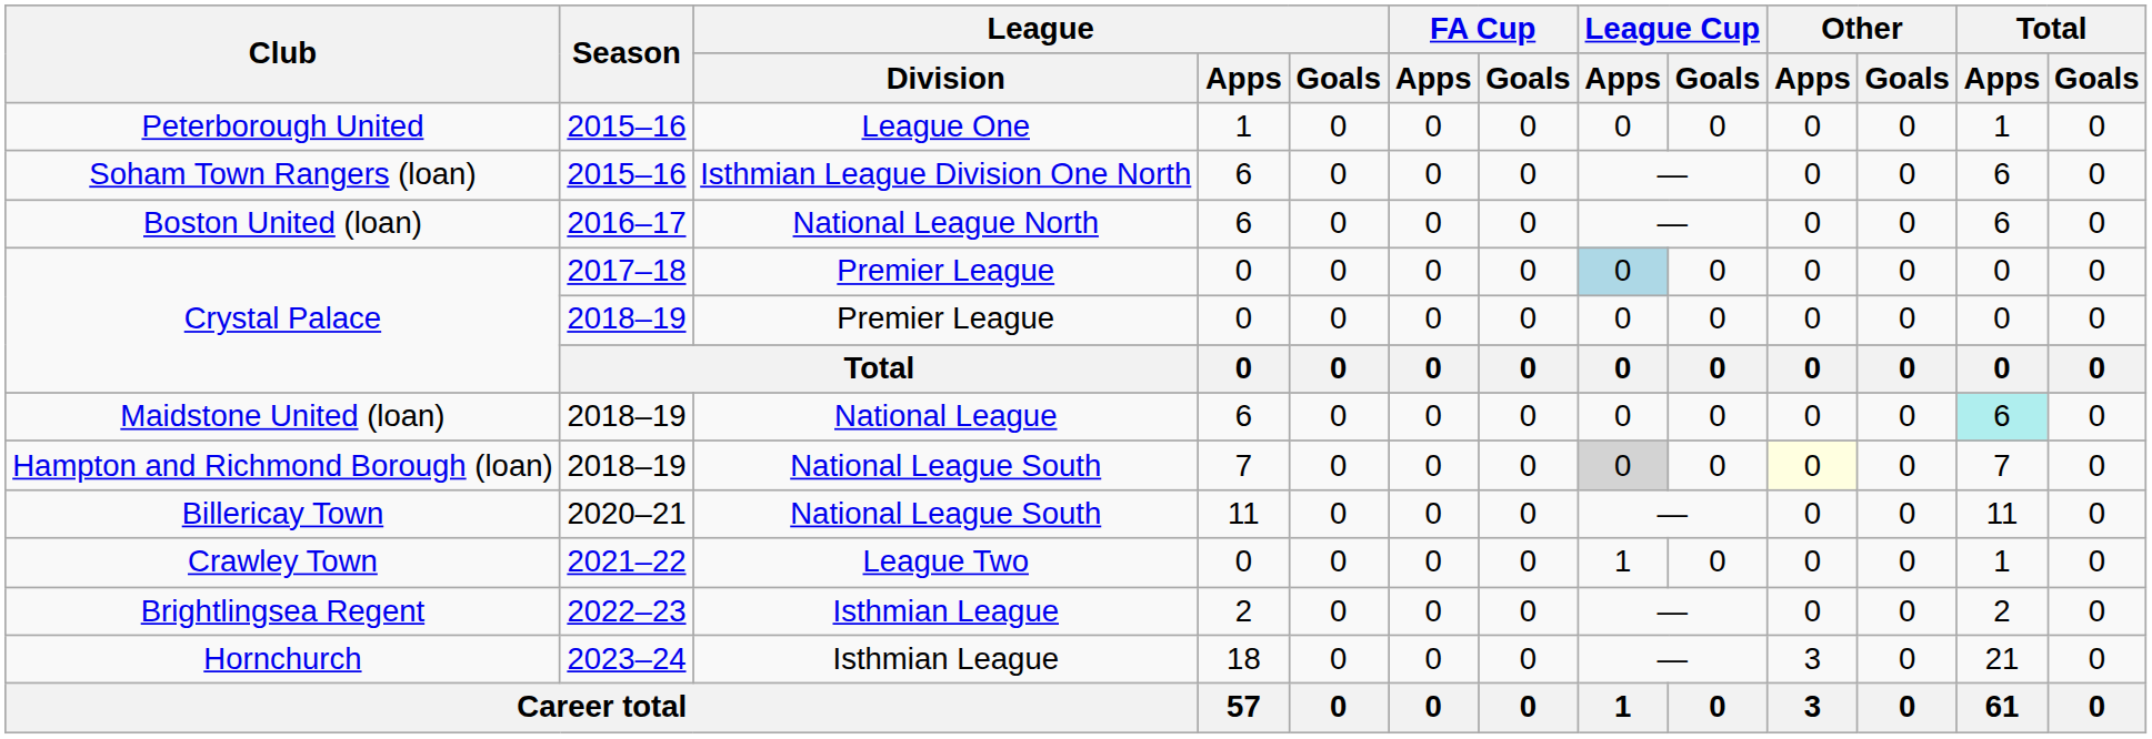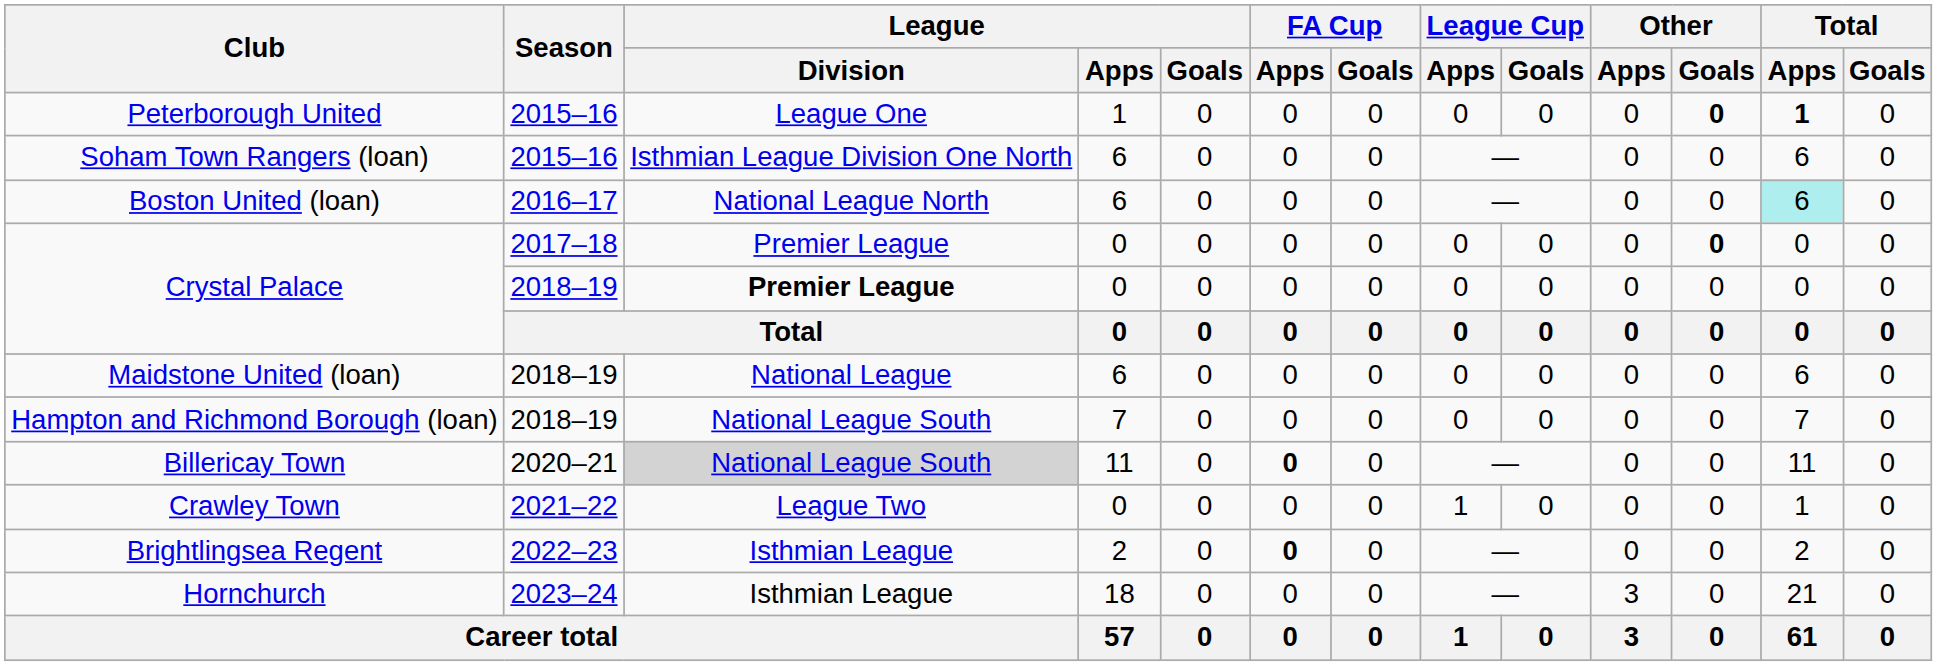 <table class="wikitable" style="text-align:center">
 <tr>
 <th rowspan="2">Club</th>
 <th rowspan="2">Season</th>
 <th colspan="3">League</th>
 <th colspan="2"><a href='#'>FA Cup</a></th>
 <th colspan="2"><a href='#'>League Cup</a></th>
 <th colspan="2">Other</th>
 <th colspan="2">Total</th>
 </tr>
 <tr>
 <th>Division</th>
 <th>Apps</th>
 <th>Goals</th>
 <th>Apps</th>
 <th>Goals</th>
 <th>Apps</th>
 <th>Goals</th>
 <th>Apps</th>
 <th>Goals</th>
 <th>Apps</th>
 <th>Goals</th>
 </tr>
 <tr>
 <td><a href='#'>Peterborough United</a></td>
 <td><a href='#'>2015–16</a></td>
 <td><a href='#'>League One</a></td>
 <td>1</td>
 <td>0</td>
 <td>0</td>
 <td>0</td>
 <td>0</td>
 <td>0</td>
 <td>0</td>
-<td>0</td>
-<td>1</td>
+<td><strong>0</strong></td>
+<td><strong>1</strong></td>
 <td>0</td>
 </tr>
 <tr>
 <td><a href='#'>Soham Town Rangers</a> (loan)</td>
 <td><a href='#'>2015–16</a></td>
 <td><a href='#'>Isthmian League Division One North</a></td>
 <td>6</td>
 <td>0</td>
 <td>0</td>
 <td>0</td>
 <td colspan="2">—</td>
 <td>0</td>
 <td>0</td>
 <td>6</td>
 <td>0</td>
 </tr>
 <tr>
 <td><a href='#'>Boston United</a> (loan)</td>
 <td><a href='#'>2016–17</a></td>
 <td><a href='#'>National League North</a></td>
 <td>6</td>
 <td>0</td>
 <td>0</td>
 <td>0</td>
 <td colspan="2">—</td>
 <td>0</td>
 <td>0</td>
-<td>6</td>
+<td style="background: paleturquoise;">6</td>
 <td>0</td>
 </tr>
 <tr>
 <td rowspan="3"><a href='#'>Crystal Palace</a></td>
 <td><a href='#'>2017–18</a></td>
 <td><a href='#'>Premier League</a></td>
 <td>0</td>
 <td>0</td>
 <td>0</td>
 <td>0</td>
-<td style="background: lightblue;">0</td>
 <td>0</td>
 <td>0</td>
 <td>0</td>
+<td><strong>0</strong></td>
 <td>0</td>
 <td>0</td>
 </tr>
 <tr>
 <td><a href='#'>2018–19</a></td>
-<td>Premier League</td>
+<td><strong>Premier League</strong></td>
 <td>0</td>
 <td>0</td>
 <td>0</td>
 <td>0</td>
 <td>0</td>
 <td>0</td>
 <td>0</td>
 <td>0</td>
 <td>0</td>
 <td>0</td>
 </tr>
 <tr>
 <th colspan=2>Total</th>
 <th>0</th>
 <th>0</th>
 <th>0</th>
 <th>0</th>
 <th>0</th>
 <th>0</th>
 <th>0</th>
 <th>0</th>
 <th>0</th>
 <th>0</th>
 </tr>
 <tr>
 <td><a href='#'>Maidstone United</a> (loan)</td>
 <td>2018–19</td>
 <td><a href='#'>National League</a></td>
 <td>6</td>
 <td>0</td>
 <td>0</td>
 <td>0</td>
 <td>0</td>
 <td>0</td>
 <td>0</td>
 <td>0</td>
-<td style="background: paleturquoise;">6</td>
+<td>6</td>
 <td>0</td>
 </tr>
 <tr>
 <td><a href='#'>Hampton and Richmond Borough</a> (loan)</td>
 <td>2018–19</td>
 <td><a href='#'>National League South</a></td>
 <td>7</td>
 <td>0</td>
 <td>0</td>
 <td>0</td>
-<td style="background: lightgrey;">0</td>
 <td>0</td>
-<td style="background: lightyellow;">0</td>
+<td>0</td>
+<td>0</td>
 <td>0</td>
 <td>7</td>
 <td>0</td>
 </tr>
 <tr>
 <td><a href='#'>Billericay Town</a></td>
 <td>2020–21</td>
-<td><a href='#'>National League South</a></td>
+<td style="background: lightgrey;"><a href='#'>National League South</a></td>
 <td>11</td>
 <td>0</td>
-<td>0</td>
+<td><strong>0</strong></td>
 <td>0</td>
 <td colspan="2">—</td>
 <td>0</td>
 <td>0</td>
 <td>11</td>
 <td>0</td>
 </tr>
 <tr>
 <td><a href='#'>Crawley Town</a></td>
 <td><a href='#'>2021–22</a></td>
 <td><a href='#'>League Two</a></td>
 <td>0</td>
 <td>0</td>
 <td>0</td>
 <td>0</td>
 <td 1>1</td>
 <td>0</td>
 <td>0</td>
 <td>0</td>
 <td>1</td>
 <td>0</td>
 </tr>
 <tr>
 <td><a href='#'>Brightlingsea Regent</a></td>
 <td><a href='#'>2022–23</a></td>
 <td><a href='#'>Isthmian League</a></td>
 <td>2</td>
 <td>0</td>
-<td>0</td>
+<td><strong>0</strong></td>
 <td>0</td>
 <td colspan="2">—</td>
 <td>0</td>
 <td>0</td>
 <td>2</td>
 <td>0</td>
 </tr>
 <tr>
 <td><a href='#'>Hornchurch</a></td>
 <td><a href='#'>2023–24</a></td>
 <td>Isthmian League</td>
 <td>18</td>
 <td>0</td>
 <td>0</td>
 <td>0</td>
 <td colspan="2">—</td>
 <td>3</td>
 <td>0</td>
 <td>21</td>
 <td>0</td>
 </tr>
 <tr>
 <th colspan="3">Career total</th>
 <th>57</th>
 <th>0</th>
 <th>0</th>
 <th>0</th>
 <th>1</th>
 <th>0</th>
 <th>3</th>
 <th>0</th>
 <th>61</th>
 <th>0</th>
 </tr>
 </table>
